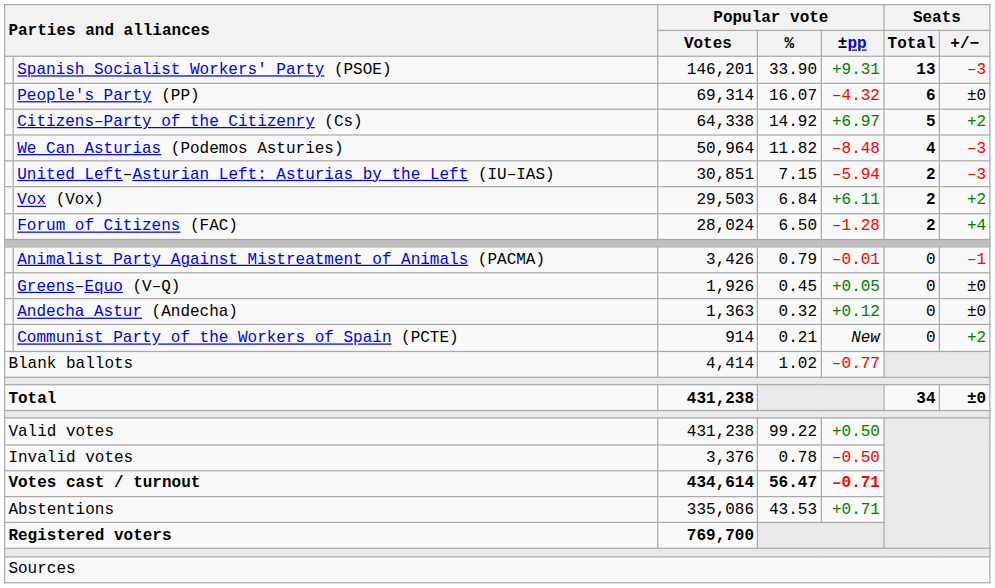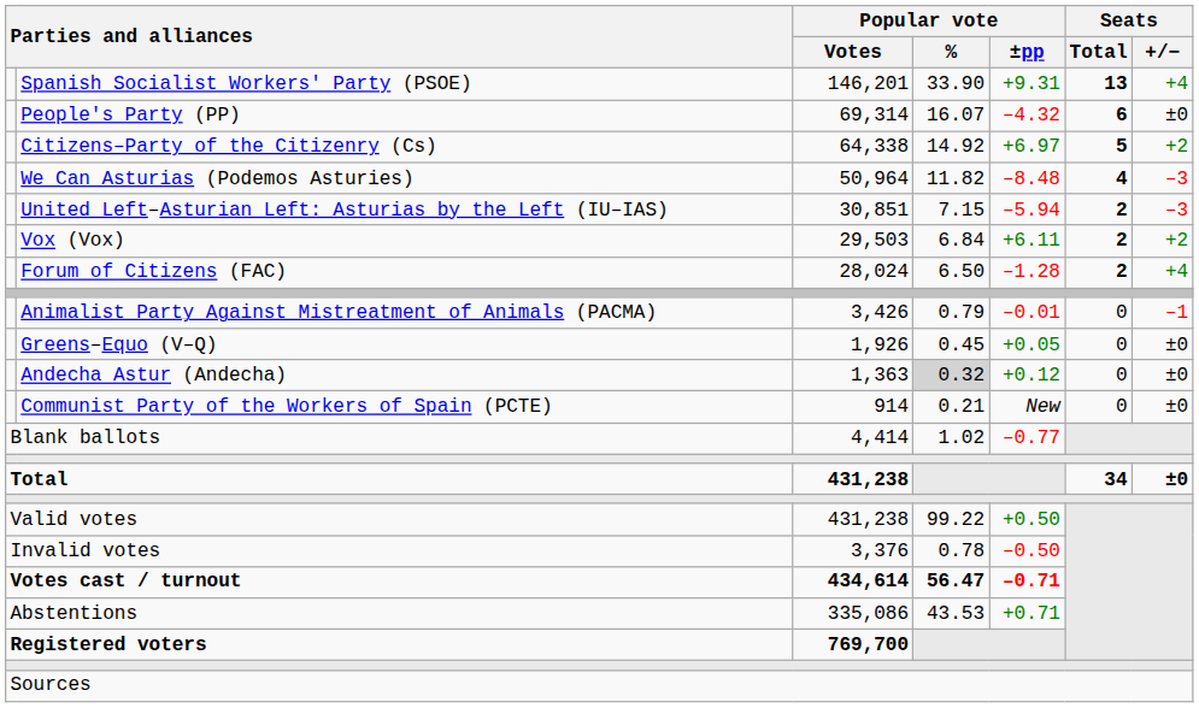 <table class="wikitable" style="text-align:right;">
 <tr>
 <th style="text-align:left;" rowspan="2" colspan="2" width="525">Parties and alliances</th>
 <th colspan="3">Popular vote</th>
 <th colspan="2">Seats</th>
 </tr>
 <tr>
 <th width="75">Votes</th>
 <th width="45">%</th>
 <th width="45">±<a href='#'>pp</a></th>
 <th width="35">Total</th>
 <th width="35">+/−</th>
 </tr>
 <tr>
 <td width="1" style="color:inherit;background:"></td>
 <td align="left"><a href='#'>Spanish Socialist Workers' Party</a> (PSOE)</td>
 <td>146,201</td>
 <td>33.90</td>
 <td style="color:green;">+9.31</td>
 <td><strong>13</strong></td>
-<td style="color:red;">–3</td>
+<td style="color:green;">+4</td>
 </tr>
 <tr>
 <td style="color:inherit;background:"></td>
 <td align="left"><a href='#'>People's Party</a> (PP)</td>
 <td>69,314</td>
 <td>16.07</td>
 <td style="color:red;">–4.32</td>
 <td><strong>6</strong></td>
 <td>±0</td>
 </tr>
 <tr>
 <td style="color:inherit;background:"></td>
 <td align="left"><a href='#'>Citizens–Party of the Citizenry</a> (Cs)</td>
 <td>64,338</td>
 <td>14.92</td>
 <td style="color:green;">+6.97</td>
 <td><strong>5</strong></td>
 <td style="color:green;">+2</td>
 </tr>
 <tr>
 <td style="color:inherit;background:"></td>
 <td align="left"><a href='#'>We Can Asturias</a> (Podemos Asturies)</td>
 <td>50,964</td>
 <td>11.82</td>
 <td style="color:red;">–8.48</td>
 <td><strong>4</strong></td>
 <td style="color:red;">–3</td>
 </tr>
 <tr>
 <td style="color:inherit;background:"></td>
 <td align="left"><a href='#'>United Left</a>–<a href='#'>Asturian Left: Asturias by the Left</a> (IU–IAS)</td>
 <td>30,851</td>
 <td>7.15</td>
 <td style="color:red;">–5.94</td>
 <td><strong>2</strong></td>
 <td style="color:red;">–3</td>
 </tr>
 <tr>
 <td style="color:inherit;background:"></td>
 <td align="left"><a href='#'>Vox</a> (Vox)</td>
 <td>29,503</td>
 <td>6.84</td>
 <td style="color:green;">+6.11</td>
 <td><strong>2</strong></td>
 <td style="color:green;">+2</td>
 </tr>
 <tr>
 <td style="color:inherit;background:"></td>
 <td align="left"><a href='#'>Forum of Citizens</a> (FAC)</td>
 <td>28,024</td>
 <td>6.50</td>
 <td style="color:red;">–1.28</td>
 <td><strong>2</strong></td>
 <td style="color:green;">+4</td>
 </tr>
 <tr>
 <td colspan="7" bgcolor="#C0C0C0"></td>
 </tr>
 <tr>
 <td style="color:inherit;background:"></td>
 <td align="left"><a href='#'>Animalist Party Against Mistreatment of Animals</a> (PACMA)</td>
 <td>3,426</td>
 <td>0.79</td>
 <td style="color:red;">–0.01</td>
 <td>0</td>
 <td style="color:red;">–1</td>
 </tr>
 <tr>
 <td style="color:inherit;background:"></td>
 <td align="left"><a href='#'>Greens</a>–<a href='#'>Equo</a> (V–Q)</td>
 <td>1,926</td>
 <td>0.45</td>
 <td style="color:green;">+0.05</td>
 <td>0</td>
 <td>±0</td>
 </tr>
 <tr>
 <td style="color:inherit;background:"></td>
 <td align="left"><a href='#'>Andecha Astur</a> (Andecha)</td>
 <td>1,363</td>
-<td>0.32</td>
+<td style="background: lightgrey;">0.32</td>
 <td style="color:green;">+0.12</td>
 <td>0</td>
 <td>±0</td>
 </tr>
 <tr>
 <td style="color:inherit;background:"></td>
 <td align="left"><a href='#'>Communist Party of the Workers of Spain</a> (PCTE)</td>
 <td>914</td>
 <td>0.21</td>
 <td><em>New</em></td>
 <td>0</td>
-<td style="color:green;">+2</td>
+<td>±0</td>
 </tr>
 <tr>
 <td align="left" colspan="2">Blank ballots</td>
 <td>4,414</td>
 <td>1.02</td>
 <td style="color:red;">–0.77</td>
 <td bgcolor="#E9E9E9" colspan="2"></td>
 </tr>
 <tr>
 <td colspan="7" bgcolor="#E9E9E9"></td>
 </tr>
 <tr style="font-weight:bold;">
 <td align="left" colspan="2">Total</td>
 <td>431,238</td>
 <td bgcolor="#E9E9E9" colspan="2"></td>
 <td>34</td>
 <td>±0</td>
 </tr>
 <tr>
 <td colspan="7" bgcolor="#E9E9E9"></td>
 </tr>
 <tr>
 <td align="left" colspan="2">Valid votes</td>
 <td>431,238</td>
 <td>99.22</td>
 <td style="color:green;">+0.50</td>
 <td bgcolor="#E9E9E9" colspan="2" rowspan="5"></td>
 </tr>
 <tr>
 <td align="left" colspan="2">Invalid votes</td>
 <td>3,376</td>
 <td>0.78</td>
 <td style="color:red;">–0.50</td>
 </tr>
 <tr style="font-weight:bold;">
 <td align="left" colspan="2">Votes cast / turnout</td>
 <td>434,614</td>
 <td>56.47</td>
 <td style="color:red;">–0.71</td>
 </tr>
 <tr>
 <td align="left" colspan="2">Abstentions</td>
 <td>335,086</td>
 <td>43.53</td>
 <td style="color:green;">+0.71</td>
 </tr>
 <tr style="font-weight:bold;">
 <td align="left" colspan="2">Registered voters</td>
 <td>769,700</td>
 <td bgcolor="#E9E9E9" colspan="2"></td>
 </tr>
 <tr>
 <td colspan="7" bgcolor="#E9E9E9"></td>
 </tr>
 <tr>
 <td align="left" colspan="7">Sources</td>
 </tr>
 </table>
